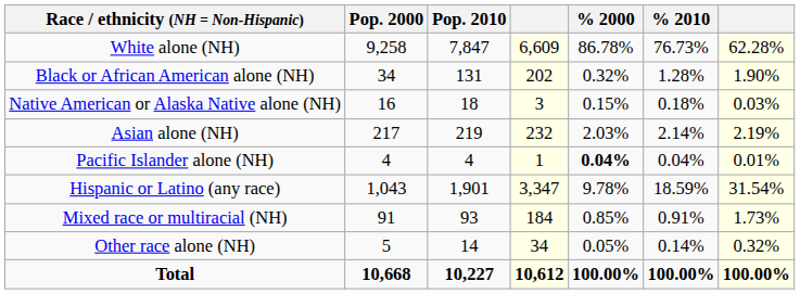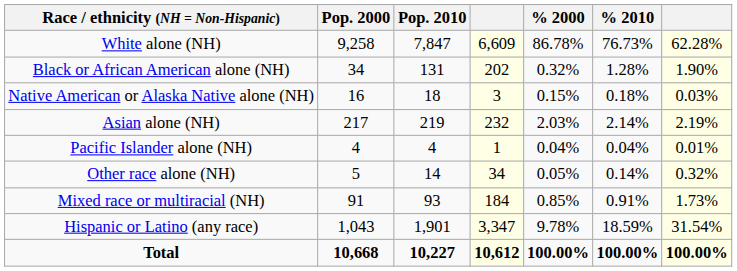 <table class="wikitable" style="text-align:center;">
 <tr>
 <th>Race / ethnicity <small>(<em>NH = Non-Hispanic</em>)</small></th>
 <th>Pop. 2000</th>
 <th>Pop. 2010</th>
 <th></th>
 <th>% 2000</th>
 <th>% 2010</th>
 <th></th>
 </tr>
 <tr>
 <td><a href='#'>White</a> alone (NH)</td>
 <td>9,258</td>
 <td>7,847</td>
 <td style='background: #ffffe6;'>6,609</td>
 <td>86.78%</td>
 <td>76.73%</td>
 <td style='background: #ffffe6;'>62.28%</td>
 </tr>
 <tr>
 <td><a href='#'>Black or African American</a> alone (NH)</td>
 <td>34</td>
 <td>131</td>
 <td style='background: #ffffe6;'>202</td>
 <td>0.32%</td>
 <td>1.28%</td>
 <td style='background: #ffffe6;'>1.90%</td>
 </tr>
 <tr>
 <td><a href='#'>Native American</a> or <a href='#'>Alaska Native</a> alone (NH)</td>
 <td>16</td>
 <td>18</td>
 <td style='background: #ffffe6;'>3</td>
 <td>0.15%</td>
 <td>0.18%</td>
 <td style='background: #ffffe6;'>0.03%</td>
 </tr>
 <tr>
 <td><a href='#'>Asian</a> alone (NH)</td>
 <td>217</td>
 <td>219</td>
 <td style='background: #ffffe6;'>232</td>
 <td>2.03%</td>
 <td>2.14%</td>
 <td style='background: #ffffe6;'>2.19%</td>
 </tr>
 <tr>
 <td><a href='#'>Pacific Islander</a> alone (NH)</td>
 <td>4</td>
 <td>4</td>
 <td style='background: #ffffe6;'>1</td>
-<td><strong>0.04%</strong></td>
+<td>0.04%</td>
 <td>0.04%</td>
 <td style='background: #ffffe6;'>0.01%</td>
+</tr>
+<tr>
+<td><a href='#'>Other race</a> alone (NH)</td>
+<td>5</td>
+<td>14</td>
+<td style='background: #ffffe6;'>34</td>
+<td>0.05%</td>
+<td>0.14%</td>
+<td style='background: #ffffe6;'>0.32%</td>
+</tr>
+<tr>
+<td><a href='#'>Mixed race or multiracial</a> (NH)</td>
+<td>91</td>
+<td>93</td>
+<td style='background: #ffffe6;'>184</td>
+<td>0.85%</td>
+<td>0.91%</td>
+<td style='background: #ffffe6;'>1.73%</td>
 </tr>
 <tr>
 <td><a href='#'>Hispanic or Latino</a> (any race)</td>
 <td>1,043</td>
 <td>1,901</td>
 <td style='background: #ffffe6;'>3,347</td>
 <td>9.78%</td>
 <td>18.59%</td>
 <td style='background: #ffffe6;'>31.54%</td>
 </tr>
 <tr>
-<td><a href='#'>Mixed race or multiracial</a> (NH)</td>
-<td>91</td>
-<td>93</td>
-<td style='background: #ffffe6;'>184</td>
-<td>0.85%</td>
-<td>0.91%</td>
-<td style='background: #ffffe6;'>1.73%</td>
-</tr>
-<tr>
-<td><a href='#'>Other race</a> alone (NH)</td>
-<td>5</td>
-<td>14</td>
-<td style='background: #ffffe6;'>34</td>
-<td>0.05%</td>
-<td>0.14%</td>
-<td style='background: #ffffe6;'>0.32%</td>
-</tr>
-<tr>
 <td><strong>Total</strong></td>
 <td><strong>10,668</strong></td>
 <td><strong>10,227</strong></td>
 <td style='background: #ffffe6;'><strong>10,612</strong></td>
 <td><strong>100.00%</strong></td>
 <td><strong>100.00%</strong></td>
 <td style='background: #ffffe6;'><strong>100.00%</strong></td>
 </tr>
 </table>
